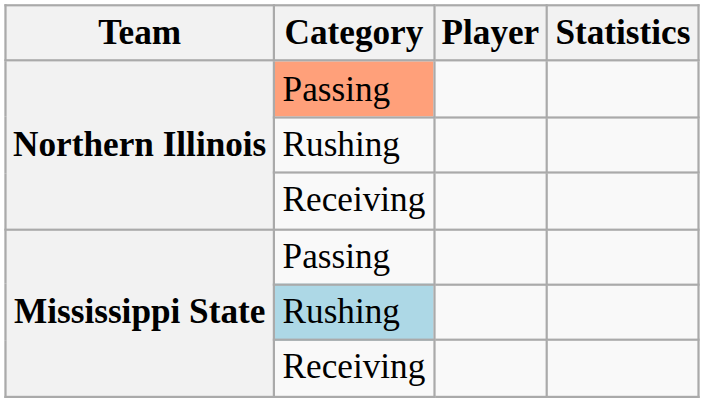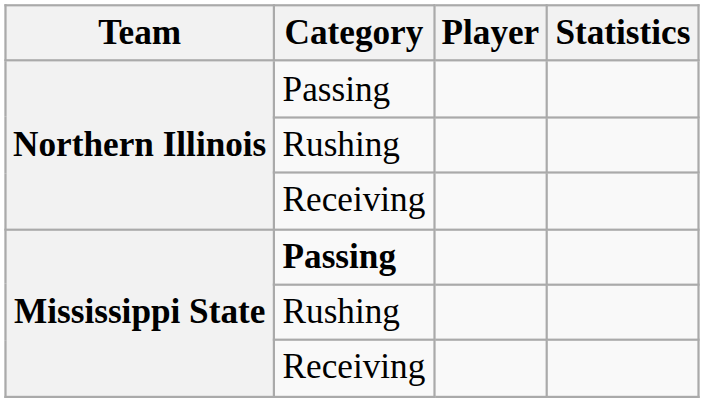 <table class="wikitable" style="float:right">
 <tr>
 <th>Team</th>
 <th>Category</th>
 <th>Player</th>
 <th>Statistics</th>
 </tr>
 <tr>
 <th rowspan=3>Northern Illinois</th>
-<td style="background: lightsalmon;">Passing</td>
+<td>Passing</td>
 <td></td>
 <td></td>
 </tr>
 <tr>
 <td>Rushing</td>
 <td></td>
 <td></td>
 </tr>
 <tr>
 <td>Receiving</td>
 <td></td>
 <td></td>
 </tr>
 <tr>
 <th rowspan=3>Mississippi State</th>
-<td>Passing</td>
+<td><strong>Passing</strong></td>
 <td></td>
 <td></td>
 </tr>
 <tr>
-<td style="background: lightblue;">Rushing</td>
+<td>Rushing</td>
 <td></td>
 <td></td>
 </tr>
 <tr>
 <td>Receiving</td>
 <td></td>
 <td></td>
 </tr>
 </table>
